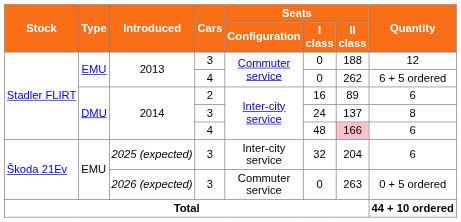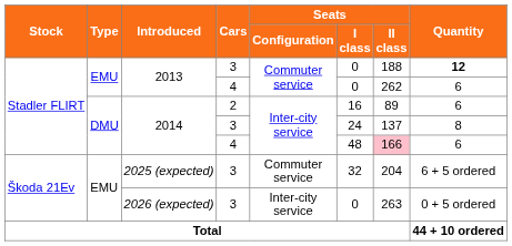 <table class="toccolours" cellpadding="3" border="1" style="border-collapse:collapse">
 <tr style="background:#fa6e17; color:white">
 <th rowspan="2">Stock</th>
 <th rowspan="2">Type</th>
 <th rowspan="2">Introduced</th>
 <th rowspan="2" style="width:25px;">Cars</th>
 <th colspan="3">Seats</th>
 <th rowspan="2">Quantity</th>
 </tr>
 <tr>
 <th style="width:25px; background:#fa6e17; color:white">Configuration</th>
 <th style="width:25px; background:#fa6e17; color:white">I class</th>
 <th style="width:25px; background:#fa6e17; color:white">II class</th>
 </tr>
 <tr>
 <td rowspan="5"><a href='#'>Stadler FLIRT</a></td>
 <td rowspan="2" align="center"><a href='#'>EMU</a></td>
 <td rowspan="2" align="center">2013</td>
 <td align="center">3</td>
 <td rowspan="2" align="center"><a href='#'>Commuter service</a></td>
 <td align="center">0</td>
 <td align="center">188</td>
-<td align="center">12</td>
+<td align="center"><strong>12</strong></td>
 </tr>
 <tr>
 <td align="center">4</td>
 <td align="center">0</td>
 <td align="center">262</td>
-<td align="center">6 + 5 ordered</td>
+<td align="center">6</td>
 </tr>
 <tr>
 <td rowspan="3" align="center"><a href='#'>DMU</a></td>
 <td rowspan="3" align="center">2014</td>
 <td align="center">2</td>
 <td rowspan="3" align="center"><a href='#'>Inter-city service</a></td>
 <td align="center">16</td>
 <td align="center">89</td>
 <td align="center">6</td>
 </tr>
 <tr>
 <td align="center">3</td>
 <td align="center">24</td>
 <td align="center">137</td>
 <td align="center">8</td>
 </tr>
 <tr>
 <td align="center">4</td>
 <td align="center">48</td>
 <td align="center" style="background: pink;">166</td>
 <td align="center">6</td>
 </tr>
 <tr>
 <td rowspan="2"><a href='#'>Škoda 21Ev</a></td>
 <td rowspan="2">EMU</td>
 <td align="center"><em>2025 (expected)</em></td>
 <td align="center">3</td>
-<td align="center">Inter-city service</td>
+<td align="center">Commuter service</td>
 <td align="center">32</td>
 <td align="center">204</td>
-<td align="center">6</td>
+<td align="center">6 + 5 ordered</td>
 </tr>
 <tr>
 <td align="center"><em>2026 (expected)</em></td>
 <td align="center">3</td>
-<td align="center">Commuter service</td>
+<td align="center">Inter-city service</td>
 <td align="center">0</td>
 <td align="center">263</td>
 <td align="center">0 + 5 ordered</td>
 </tr>
 <tr>
 <th colspan="7" align="center">Total</th>
 <th>44 + 10 ordered</th>
 </tr>
 </table>
